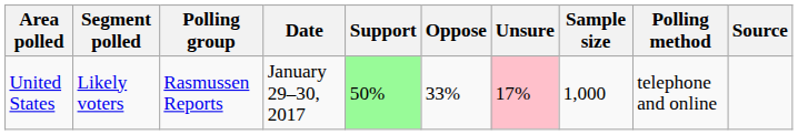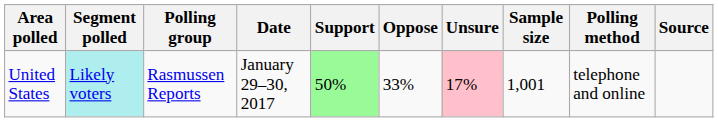 <table class="wikitable sortable" style="width: 75%;">
 <tr>
 <th>Area polled</th>
 <th>Segment polled</th>
 <th>Polling group</th>
 <th>Date</th>
 <th>Support</th>
 <th>Oppose</th>
 <th>Unsure</th>
 <th>Sample size</th>
 <th>Polling method</th>
 <th>Source</th>
 </tr>
 <tr>
 <td> <a href='#'>United States</a></td>
-<td><a href='#'>Likely voters</a></td>
+<td style="background: paleturquoise;"><a href='#'>Likely voters</a></td>
 <td><a href='#'>Rasmussen Reports</a></td>
 <td>January 29–30, 2017</td>
 <td style="background: PaleGreen; color: black">50%</td>
 <td>33%</td>
 <td style="background: pink;">17%</td>
-<td>1,000</td>
+<td>1,001</td>
 <td>telephone and online</td>
 <td></td>
 </tr>
 </table>
